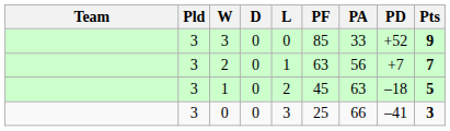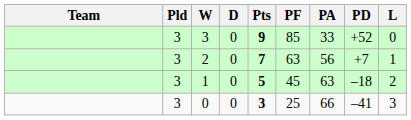 <table class="wikitable" style="text-align:center;">
 <tr>
 <th width=175>Team</th>
 <th width=25 abbr="Played">Pld</th>
 <th width=25 abbr="Won">W</th>
 <th width=25 abbr="Drawn">D</th>
-<th width=25 abbr="Lost">L</th>
+<th width=25 abbr="Points">Pts</th>
 <th width=32 abbr="Points for">PF</th>
 <th width=32 abbr="Points against">PA</th>
 <th width=32 abbr="Points difference">PD</th>
-<th width=25 abbr="Points">Pts</th>
+<th width=25 abbr="Lost">L</th>
 </tr>
 <tr bgcolor=ccffcc>
 <td align=left></td>
 <td>3</td>
 <td>3</td>
 <td>0</td>
-<td>0</td>
+<td><strong>9</strong></td>
 <td>85</td>
 <td>33</td>
 <td>+52</td>
-<td><strong>9</strong></td>
+<td>0</td>
 </tr>
 <tr bgcolor=ccffcc>
 <td align=left></td>
 <td>3</td>
 <td>2</td>
 <td>0</td>
-<td>1</td>
+<td><strong>7</strong></td>
 <td>63</td>
 <td>56</td>
 <td>+7</td>
-<td><strong>7</strong></td>
+<td>1</td>
 </tr>
 <tr bgcolor=ccffcc>
 <td align=left></td>
 <td>3</td>
 <td>1</td>
 <td>0</td>
-<td>2</td>
+<td><strong>5</strong></td>
 <td>45</td>
 <td>63</td>
 <td>–18</td>
-<td><strong>5</strong></td>
+<td>2</td>
 </tr>
 <tr>
 <td align=left></td>
 <td>3</td>
 <td>0</td>
 <td>0</td>
-<td>3</td>
+<td><strong>3</strong></td>
 <td>25</td>
 <td>66</td>
 <td>–41</td>
-<td><strong>3</strong></td>
+<td>3</td>
 </tr>
 </table>
